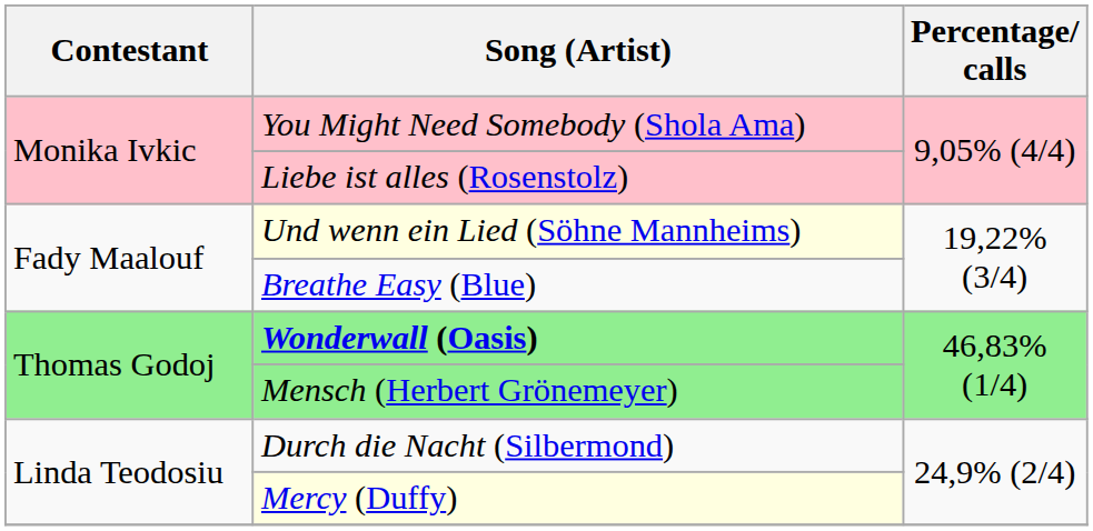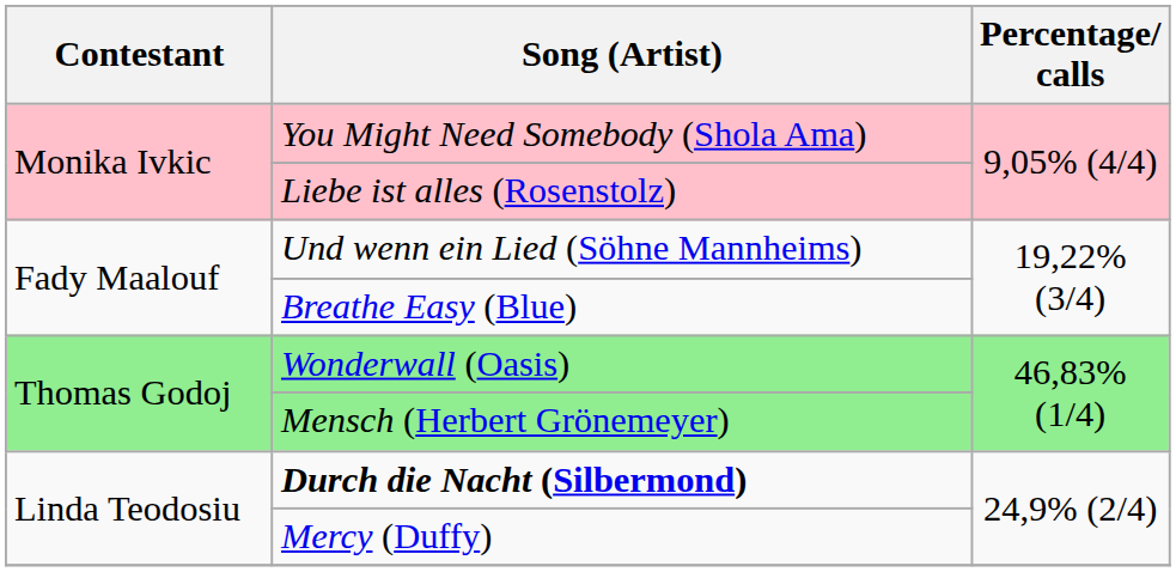 <table class="wikitable">
 <tr>
 <th width="110">Contestant</th>
 <th width="300">Song (Artist)</th>
 <th width="28">Percentage/<br>calls</th>
 </tr>
 <tr bgcolor="pink">
 <td align="left" rowspan="2">Monika Ivkic</td>
 <td align="left"><em>You Might Need Somebody</em> (<a href='#'>Shola Ama</a>)</td>
 <td align="center" rowspan="2">9,05% (4/4)</td>
 </tr>
 <tr bgcolor="pink">
 <td align="left"><em>Liebe ist alles</em> (<a href='#'>Rosenstolz</a>)</td>
 </tr>
 <tr>
 <td align="left" rowspan="2">Fady Maalouf</td>
-<td align="left" style="background: lightyellow;"><em>Und wenn ein Lied</em> (<a href='#'>Söhne Mannheims</a>)</td>
+<td align="left"><em>Und wenn ein Lied</em> (<a href='#'>Söhne Mannheims</a>)</td>
 <td align="center" rowspan="2">19,22% (3/4)</td>
 </tr>
 <tr>
 <td align="left"><em><a href='#'>Breathe Easy</a></em> (<a href='#'>Blue</a>)</td>
 </tr>
 <tr style="background:lightgreen;">
 <td align="left" rowspan="2">Thomas Godoj</td>
-<td align="left"><strong><em><a href='#'>Wonderwall</a></em> (<a href='#'>Oasis</a>)</strong></td>
+<td align="left"><em><a href='#'>Wonderwall</a></em> (<a href='#'>Oasis</a>)</td>
 <td align="center" rowspan="2">46,83% (1/4)</td>
 </tr>
 <tr style="background:lightgreen;">
 <td align="left"><em>Mensch</em> (<a href='#'>Herbert Grönemeyer</a>)</td>
 </tr>
 <tr>
 <td align="left" rowspan="2">Linda Teodosiu</td>
-<td align="left"><em>Durch die Nacht</em> (<a href='#'>Silbermond</a>)</td>
+<td align="left"><strong><em>Durch die Nacht</em> (<a href='#'>Silbermond</a>)</strong></td>
 <td align="center" rowspan="2">24,9% (2/4)</td>
 </tr>
 <tr>
-<td align="left" style="background: lightyellow;"><em><a href='#'>Mercy</a></em> (<a href='#'>Duffy</a>)</td>
+<td align="left"><em><a href='#'>Mercy</a></em> (<a href='#'>Duffy</a>)</td>
 </tr>
 <tr>
 </tr>
 </table>
